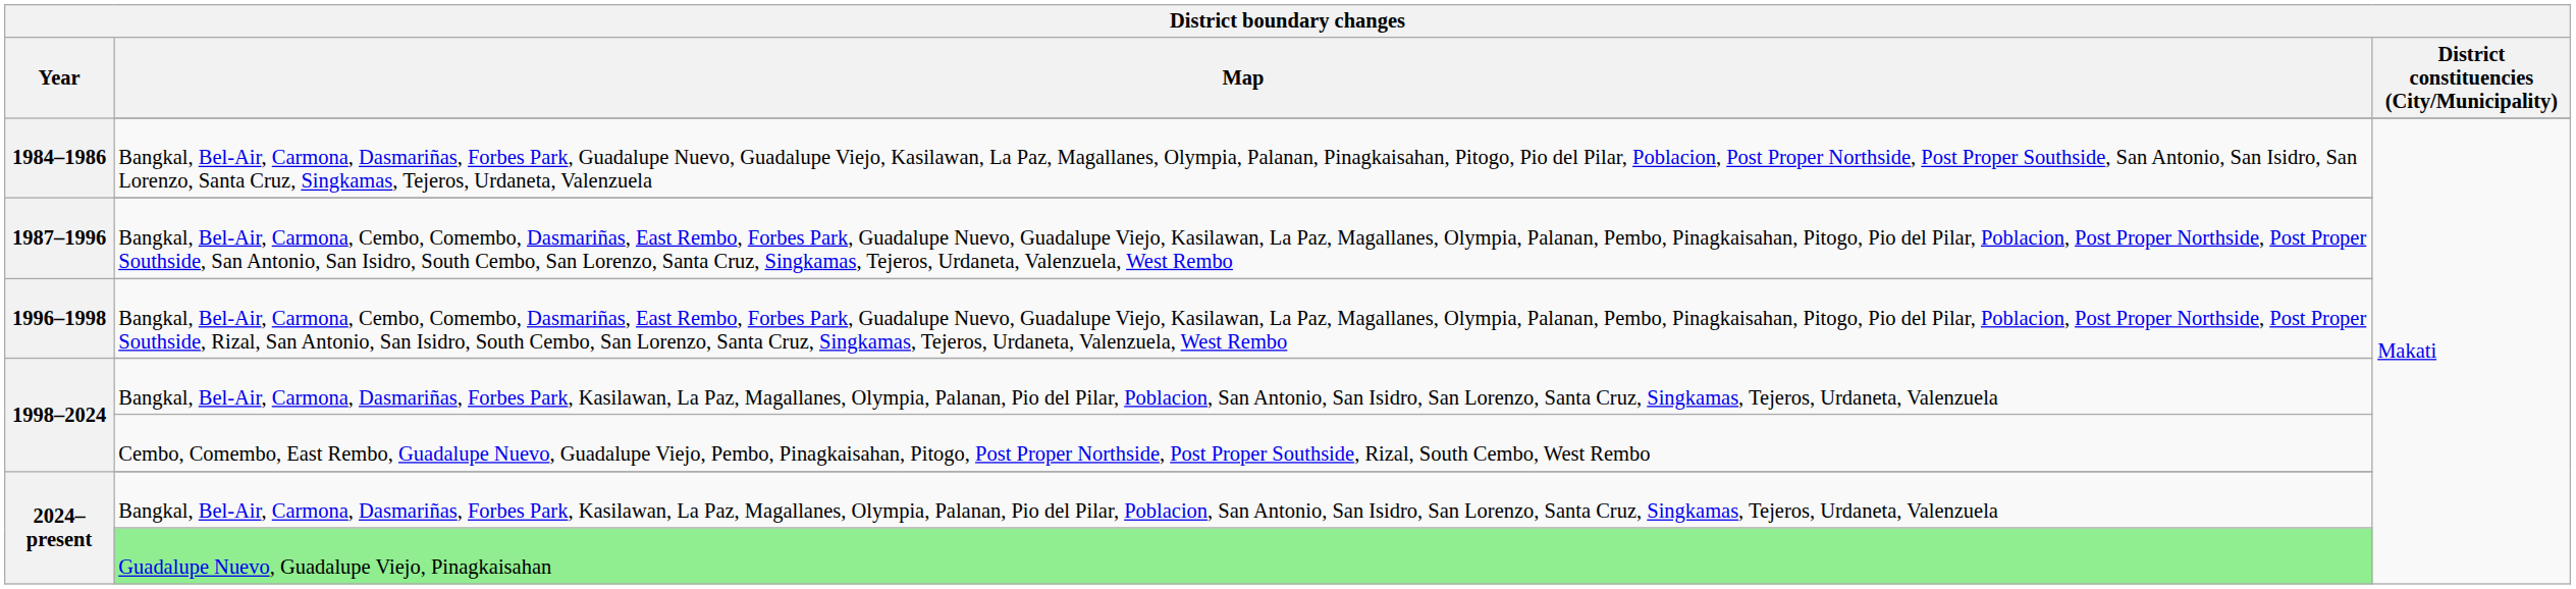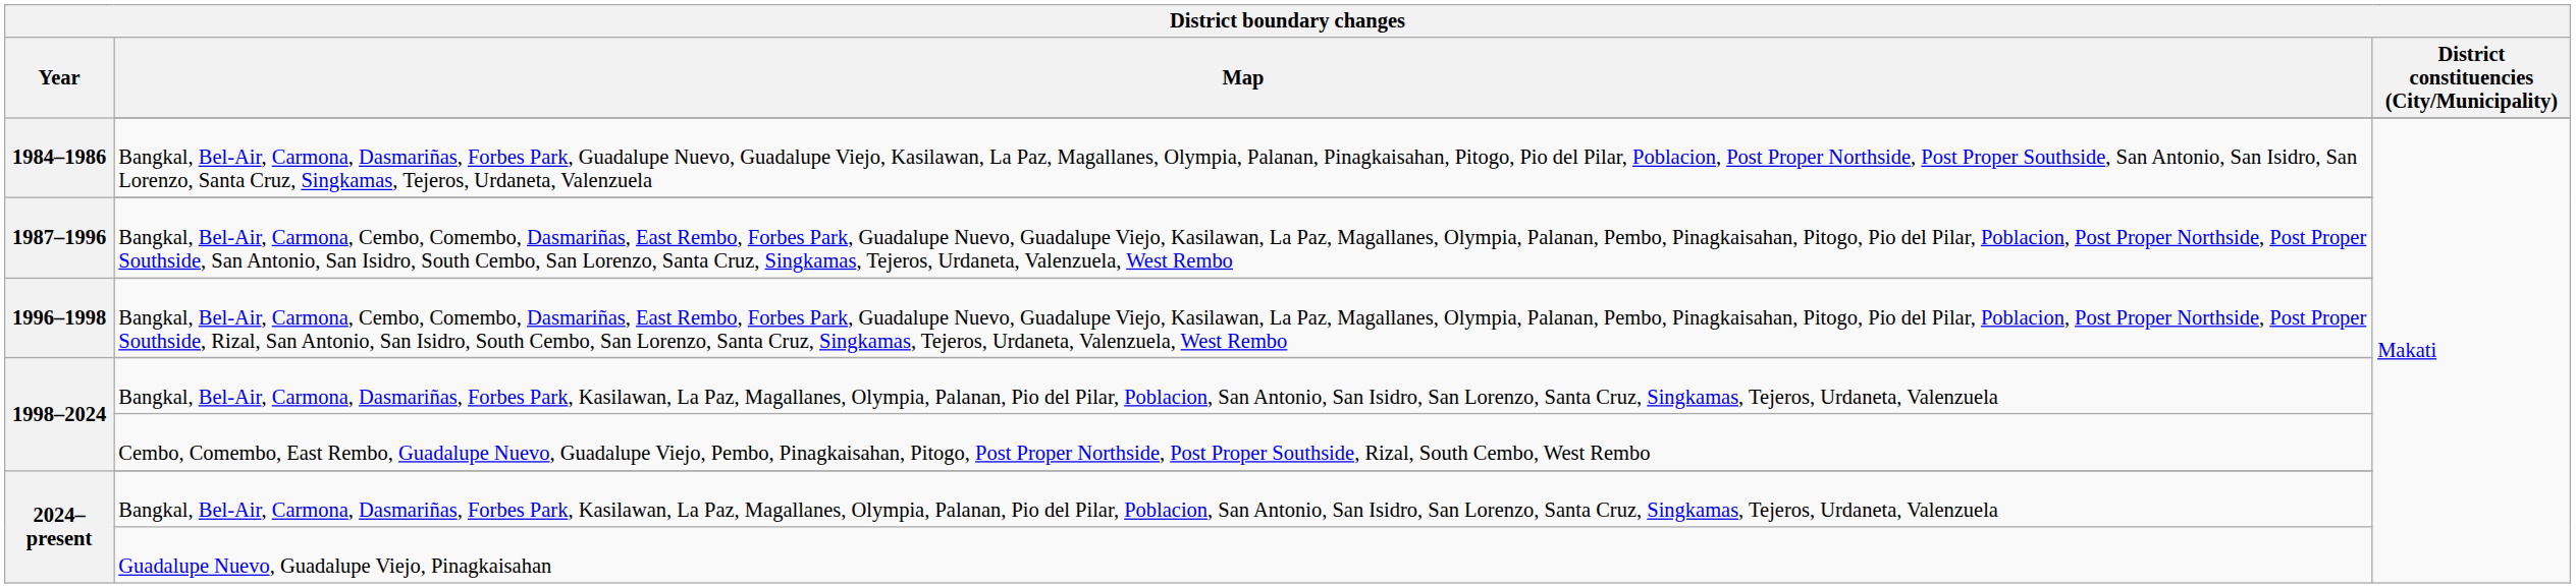 <table class="wikitable">
 <tr>
 <th colspan="9">District boundary changes</th>
 </tr>
 <tr>
 <th>Year</th>
 <th>Map</th>
 <th>District constituencies <br> (City/Municipality)</th>
 </tr>
 <tr>
 <th rowspan=2>1984–1986</th>
 </tr>
 <tr>
 <td> <br> Bangkal, <a href='#'>Bel-Air</a>, <a href='#'>Carmona</a>, <a href='#'>Dasmariñas</a>, <a href='#'>Forbes Park</a>, Guadalupe Nuevo, Guadalupe Viejo, Kasilawan, La Paz, Magallanes, Olympia, Palanan, Pinagkaisahan, Pitogo, Pio del Pilar, <a href='#'>Poblacion</a>, <a href='#'>Post Proper Northside</a>, <a href='#'>Post Proper Southside</a>, San Antonio, San Isidro, San Lorenzo, Santa Cruz, <a href='#'>Singkamas</a>, Tejeros, Urdaneta, Valenzuela</td>
 <td rowspan=12><a href='#'>Makati</a></td>
 </tr>
 <tr>
 <th rowspan=2>1987–1996</th>
 </tr>
 <tr>
 <td> <br> Bangkal, <a href='#'>Bel-Air</a>, <a href='#'>Carmona</a>, Cembo, Comembo, <a href='#'>Dasmariñas</a>, <a href='#'>East Rembo</a>, <a href='#'>Forbes Park</a>, Guadalupe Nuevo, Guadalupe Viejo, Kasilawan, La Paz, Magallanes, Olympia, Palanan, Pembo, Pinagkaisahan, Pitogo, Pio del Pilar, <a href='#'>Poblacion</a>, <a href='#'>Post Proper Northside</a>, <a href='#'>Post Proper Southside</a>, San Antonio, San Isidro, South Cembo, San Lorenzo, Santa Cruz, <a href='#'>Singkamas</a>, Tejeros, Urdaneta, Valenzuela, <a href='#'>West Rembo</a></td>
 </tr>
 <tr>
 <th rowspan=2>1996–1998</th>
 </tr>
 <tr>
 <td> <br> Bangkal, <a href='#'>Bel-Air</a>, <a href='#'>Carmona</a>, Cembo, Comembo, <a href='#'>Dasmariñas</a>, <a href='#'>East Rembo</a>, <a href='#'>Forbes Park</a>, Guadalupe Nuevo, Guadalupe Viejo, Kasilawan, La Paz, Magallanes, Olympia, Palanan, Pembo, Pinagkaisahan, Pitogo, Pio del Pilar, <a href='#'>Poblacion</a>, <a href='#'>Post Proper Northside</a>, <a href='#'>Post Proper Southside</a>, Rizal, San Antonio, San Isidro, South Cembo, San Lorenzo, Santa Cruz, <a href='#'>Singkamas</a>, Tejeros, Urdaneta, Valenzuela, <a href='#'>West Rembo</a></td>
 </tr>
 <tr>
 <th rowspan="3">1998–2024</th>
 </tr>
 <tr>
 <td> <br> Bangkal, <a href='#'>Bel-Air</a>, <a href='#'>Carmona</a>, <a href='#'>Dasmariñas</a>, <a href='#'>Forbes Park</a>, Kasilawan, La Paz, Magallanes, Olympia, Palanan, Pio del Pilar, <a href='#'>Poblacion</a>, San Antonio, San Isidro, San Lorenzo, Santa Cruz, <a href='#'>Singkamas</a>, Tejeros, Urdaneta, Valenzuela</td>
 </tr>
 <tr>
 <td> <br> Cembo, Comembo, East Rembo, <a href='#'>Guadalupe Nuevo</a>, Guadalupe Viejo, Pembo, Pinagkaisahan, Pitogo, <a href='#'>Post Proper Northside</a>, <a href='#'>Post Proper Southside</a>, Rizal, South Cembo, West Rembo</td>
 </tr>
 <tr>
 <th rowspan="3">2024–present</th>
 </tr>
 <tr>
 <td> <br> Bangkal, <a href='#'>Bel-Air</a>, <a href='#'>Carmona</a>, <a href='#'>Dasmariñas</a>, <a href='#'>Forbes Park</a>, Kasilawan, La Paz, Magallanes, Olympia, Palanan, Pio del Pilar, <a href='#'>Poblacion</a>, San Antonio, San Isidro, San Lorenzo, Santa Cruz, <a href='#'>Singkamas</a>, Tejeros, Urdaneta, Valenzuela</td>
 </tr>
 <tr>
-<td style="background: lightgreen;"> <br> <a href='#'>Guadalupe Nuevo</a>, Guadalupe Viejo, Pinagkaisahan</td>
+<td> <br> <a href='#'>Guadalupe Nuevo</a>, Guadalupe Viejo, Pinagkaisahan</td>
 </tr>
 </table>
